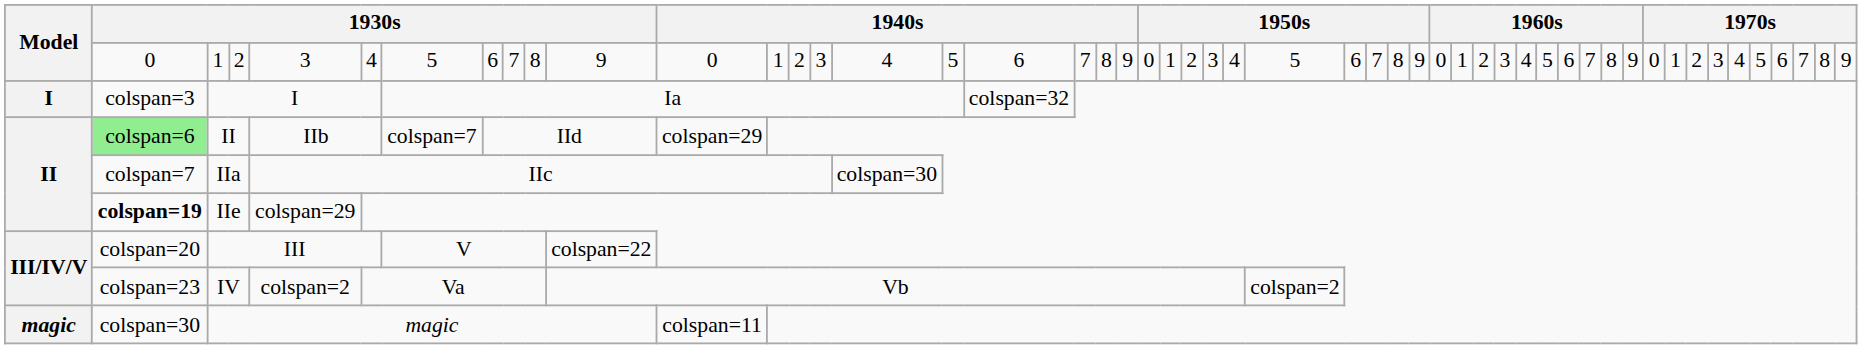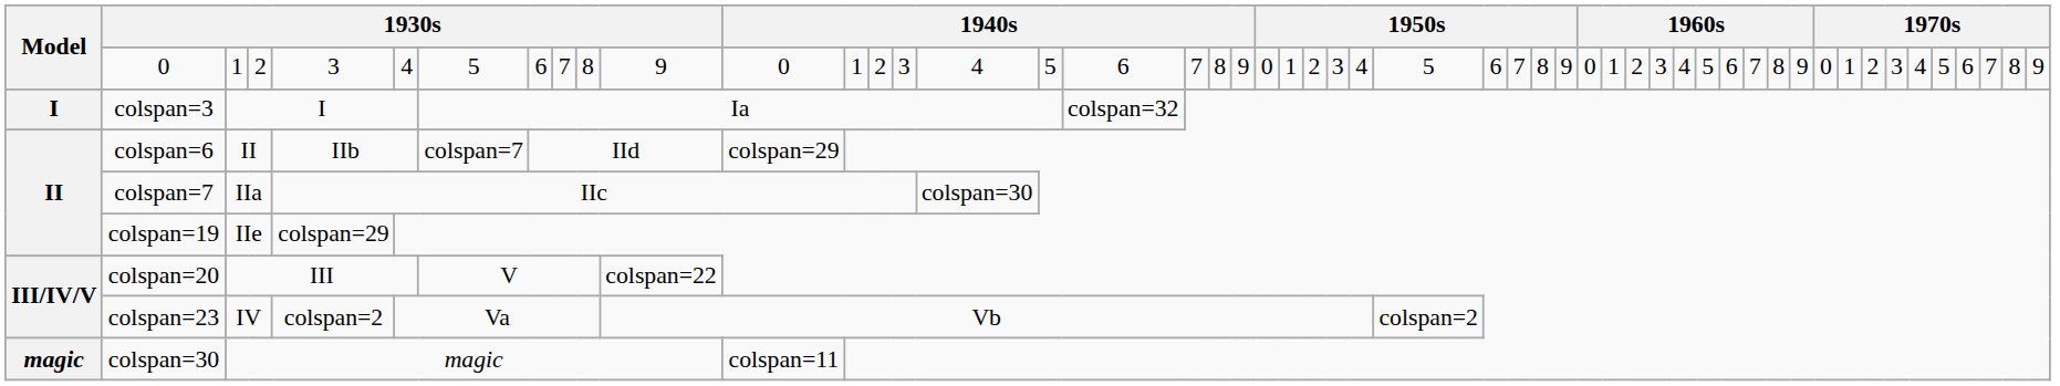 <table class="wikitable" style="font-size:75%;text-align:center;">
 <tr>
 <th rowspan=2>Model</th>
 <th colspan=10>1930s</th>
 <th colspan=10>1940s</th>
 <th colspan=10>1950s</th>
 <th colspan=10>1960s</th>
 <th colspan=10>1970s</th>
 </tr>
 <tr>
 <td>0</td>
 <td>1</td>
 <td>2</td>
 <td>3</td>
 <td>4</td>
 <td>5</td>
 <td>6</td>
 <td>7</td>
 <td>8</td>
 <td>9</td>
 <td>0</td>
 <td>1</td>
 <td>2</td>
 <td>3</td>
 <td>4</td>
 <td>5</td>
 <td>6</td>
 <td>7</td>
 <td>8</td>
 <td>9</td>
 <td>0</td>
 <td>1</td>
 <td>2</td>
 <td>3</td>
 <td>4</td>
 <td>5</td>
 <td>6</td>
 <td>7</td>
 <td>8</td>
 <td>9</td>
 <td>0</td>
 <td>1</td>
 <td>2</td>
 <td>3</td>
 <td>4</td>
 <td>5</td>
 <td>6</td>
 <td>7</td>
 <td>8</td>
 <td>9</td>
 <td>0</td>
 <td>1</td>
 <td>2</td>
 <td>3</td>
 <td>4</td>
 <td>5</td>
 <td>6</td>
 <td>7</td>
 <td>8</td>
 <td>9</td>
 </tr>
 <tr>
 <th>I</th>
 <td>colspan=3 </td>
 <td colspan=4>I</td>
 <td colspan=11>Ia</td>
 <td>colspan=32 </td>
 </tr>
 <tr>
 <th rowspan=3>II</th>
-<td style="background: lightgreen;">colspan=6 </td>
+<td>colspan=6 </td>
 <td colspan=2>II</td>
 <td colspan=2>IIb</td>
 <td>colspan=7 </td>
 <td colspan=4>IId</td>
 <td>colspan=29 </td>
 </tr>
 <tr>
 <td>colspan=7 </td>
 <td colspan=2>IIa</td>
 <td colspan=11>IIc</td>
 <td>colspan=30 </td>
 </tr>
 <tr>
-<td><strong>colspan=19 </strong></td>
+<td>colspan=19 </td>
 <td colspan=2>IIe</td>
 <td>colspan=29 </td>
 </tr>
 <tr>
 <th rowspan=2>III/IV/V</th>
 <td>colspan=20 </td>
 <td colspan=4>III</td>
 <td colspan=4>V</td>
 <td>colspan=22 </td>
 </tr>
 <tr>
 <td>colspan=23 </td>
 <td colspan=2>IV</td>
 <td>colspan=2 </td>
 <td colspan=5>Va</td>
 <td colspan=16>Vb</td>
 <td>colspan=2 </td>
 </tr>
 <tr>
 <th><em>magic</em></th>
 <td>colspan=30 </td>
 <td colspan=9><em>magic</em></td>
 <td>colspan=11 </td>
 </tr>
 </table>
